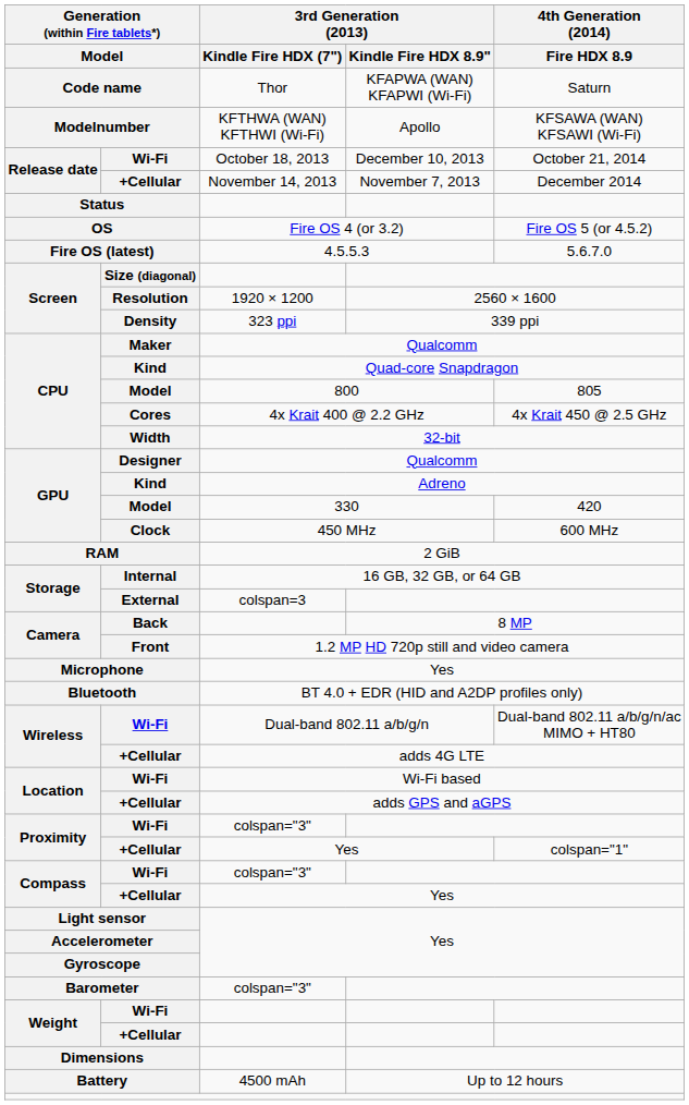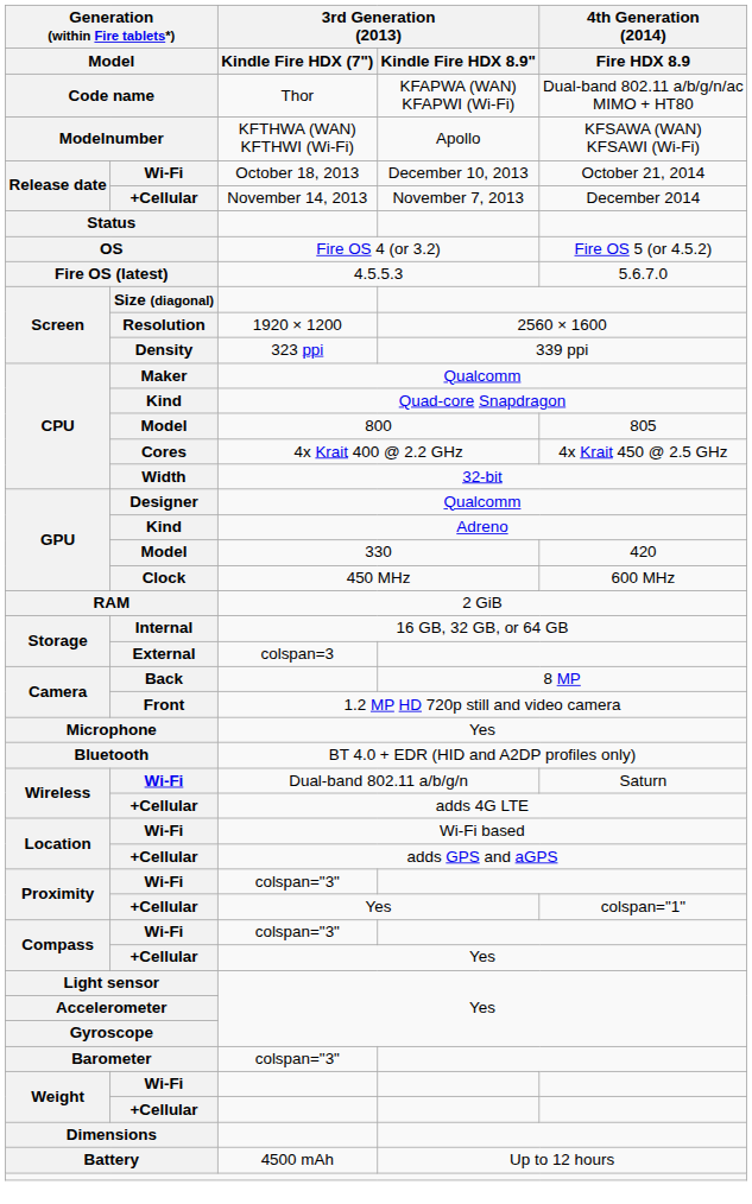 <table class="wikitable" style="text-align:center;">
 <tr>
 <th colspan=2>Generation<br><small>(within <a href='#'>Fire tablets</a>*)</small></th>
 <th colspan=2>3rd Generation<br>(2013)</th>
 <th colspan=1>4th Generation<br>(2014)</th>
 </tr>
 <tr>
 <th colspan=2>Model</th>
 <th>Kindle Fire HDX (7")</th>
 <th>Kindle Fire HDX 8.9"</th>
 <th>Fire HDX 8.9</th>
 </tr>
 <tr>
 <th colspan=2>Code name</th>
 <td>Thor</td>
 <td>KFAPWA (WAN)<br>KFAPWI (Wi-Fi)</td>
-<td>Saturn</td>
+<td colspan=1>Dual-band 802.11 a/b/g/n/ac<br>MIMO + HT80</td>
 </tr>
 <tr>
 <th colspan=2>Modelnumber</th>
 <td>KFTHWA (WAN)<br>KFTHWI (Wi-Fi)</td>
 <td>Apollo</td>
 <td>KFSAWA (WAN)<br>KFSAWI (Wi-Fi)</td>
 </tr>
 <tr>
 <th rowspan=2>Release date</th>
 <th>Wi-Fi</th>
 <td>October 18, 2013</td>
 <td>December 10, 2013</td>
 <td>October 21, 2014</td>
 </tr>
 <tr>
 <th>+Cellular</th>
 <td>November 14, 2013</td>
 <td>November 7, 2013</td>
 <td>December 2014</td>
 </tr>
 <tr>
 <th colspan=2>Status</th>
 <td></td>
 <td></td>
 <td></td>
 </tr>
 <tr>
 <th colspan=2>OS</th>
 <td colspan=2><a href='#'>Fire OS</a> 4 (or 3.2)</td>
 <td><a href='#'>Fire OS</a> 5 (or 4.5.2)</td>
 </tr>
 <tr>
 <th colspan=2>Fire OS (latest)</th>
 <td colspan=2>4.5.5.3</td>
 <td>5.6.7.0</td>
 </tr>
 <tr>
 <th rowspan="3">Screen</th>
 <th>Size <small>(diagonal)</small></th>
 <td></td>
 <td colspan=2></td>
 </tr>
 <tr>
 <th colspan=1>Resolution</th>
 <td>1920 × 1200</td>
 <td colspan=2>2560 × 1600</td>
 </tr>
 <tr>
 <th colspan=1>Density</th>
 <td>323 <a href='#'>ppi</a></td>
 <td colspan=2>339 ppi</td>
 </tr>
 <tr>
 <th rowspan="5">CPU</th>
 <th>Maker</th>
 <td colspan=3><a href='#'>Qualcomm</a></td>
 </tr>
 <tr>
 <th>Kind</th>
 <td colspan=3><a href='#'>Quad-core</a> <a href='#'>Snapdragon</a></td>
 </tr>
 <tr>
 <th>Model</th>
 <td colspan=2>800</td>
 <td>805</td>
 </tr>
 <tr>
 <th>Cores</th>
 <td colspan=2>4x <a href='#'>Krait</a> 400 @ 2.2 GHz</td>
 <td>4x <a href='#'>Krait</a> 450 @ 2.5 GHz</td>
 </tr>
 <tr>
 <th>Width</th>
 <td colspan="3"><a href='#'>32-bit</a></td>
 </tr>
 <tr>
 <th rowspan="4">GPU</th>
 <th>Designer</th>
 <td colspan="3"><a href='#'>Qualcomm</a></td>
 </tr>
 <tr>
 <th>Kind</th>
 <td colspan="3"><a href='#'>Adreno</a></td>
 </tr>
 <tr>
 <th>Model</th>
 <td colspan="2">330</td>
 <td>420</td>
 </tr>
 <tr>
 <th>Clock</th>
 <td colspan="2">450 MHz</td>
 <td>600 MHz</td>
 </tr>
 <tr>
 <th colspan=2>RAM</th>
 <td colspan=3>2 GiB</td>
 </tr>
 <tr>
 <th rowspan="2">Storage</th>
 <th>Internal</th>
 <td colspan=3>16 GB, 32 GB, or 64 GB</td>
 </tr>
 <tr>
 <th>External</th>
 <td>colspan=3 </td>
 </tr>
 <tr>
 <th rowspan=2>Camera</th>
 <th>Back</th>
 <td></td>
 <td colspan=2>8 <a href='#'>MP</a></td>
 </tr>
 <tr>
 <th>Front</th>
 <td colspan=3>1.2 <a href='#'>MP</a> <a href='#'>HD</a> 720p still and video camera</td>
 </tr>
 <tr>
 <th colspan=2>Microphone</th>
 <td colspan=3>Yes</td>
 </tr>
 <tr>
 <th colspan=2>Bluetooth</th>
 <td colspan=3>BT 4.0 + EDR (HID and A2DP profiles only)</td>
 </tr>
 <tr>
 <th rowspan=2>Wireless</th>
 <th><a href='#'>Wi-Fi</a></th>
 <td colspan=2>Dual-band 802.11 a/b/g/n</td>
-<td colspan=1>Dual-band 802.11 a/b/g/n/ac<br>MIMO + HT80</td>
+<td>Saturn</td>
 </tr>
 <tr>
 <th>+Cellular</th>
 <td colspan=3>adds 4G LTE</td>
 </tr>
 <tr>
 <th rowspan="2">Location</th>
 <th>Wi-Fi</th>
 <td colspan="3">Wi-Fi based</td>
 </tr>
 <tr>
 <th>+Cellular</th>
 <td colspan="3">adds <a href='#'>GPS</a> and <a href='#'>aGPS</a></td>
 </tr>
 <tr>
 <th rowspan=2>Proximity</th>
 <th>Wi-Fi</th>
 <td>colspan="3" </td>
 </tr>
 <tr>
 <th>+Cellular</th>
 <td colspan=2>Yes</td>
 <td>colspan="1" </td>
 </tr>
 <tr>
 <th rowspan="2">Compass</th>
 <th>Wi-Fi</th>
 <td>colspan="3" </td>
 </tr>
 <tr>
 <th>+Cellular</th>
 <td colspan="3" rowspan="1">Yes</td>
 </tr>
 <tr>
 <th colspan="2">Light sensor</th>
 <td colspan="3" rowspan="3">Yes</td>
 </tr>
 <tr>
 <th colspan="2">Accelerometer</th>
 </tr>
 <tr>
 <th colspan="2">Gyroscope</th>
 </tr>
 <tr>
 <th colspan="2">Barometer</th>
 <td>colspan="3" </td>
 </tr>
 <tr>
 <th rowspan=2>Weight</th>
 <th>Wi-Fi</th>
 <td></td>
 <td></td>
 <td></td>
 </tr>
 <tr>
 <th>+Cellular</th>
 <td></td>
 <td></td>
 <td></td>
 </tr>
 <tr>
 <th colspan=2>Dimensions</th>
 <td></td>
 <td colspan=2></td>
 </tr>
 <tr>
 <th colspan=2>Battery</th>
 <td>4500 mAh</td>
 <td colspan=2>Up to 12 hours</td>
 </tr>
 <tr>
 <td colspan="5"><small></small></td>
 </tr>
 </table>
